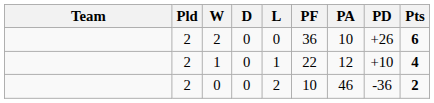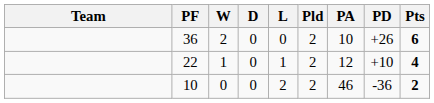 <table class="wikitable" style="text-align:center;">
 <tr>
 <th width=175>Team</th>
-<th width=25 abbr="Played">Pld</th>
+<th width=32 abbr="Points for">PF</th>
 <th width=25 abbr="Won">W</th>
 <th width=25 abbr="Drawn">D</th>
 <th width=25 abbr="Lost">L</th>
-<th width=32 abbr="Points for">PF</th>
+<th width=25 abbr="Played">Pld</th>
 <th width=32 abbr="Points against">PA</th>
 <th width=32 abbr="Points difference">PD</th>
 <th width=25 abbr="Points">Pts</th>
 </tr>
 <tr>
 <td align=left></td>
-<td>2</td>
+<td>36</td>
 <td>2</td>
 <td>0</td>
 <td>0</td>
-<td>36</td>
+<td>2</td>
 <td>10</td>
 <td>+26</td>
 <td><strong>6</strong></td>
 </tr>
 <tr>
 <td align=left></td>
-<td>2</td>
+<td>22</td>
 <td>1</td>
 <td>0</td>
 <td>1</td>
-<td>22</td>
+<td>2</td>
 <td>12</td>
 <td>+10</td>
 <td><strong>4</strong></td>
 </tr>
 <tr>
 <td align=left></td>
-<td>2</td>
+<td>10</td>
 <td>0</td>
 <td>0</td>
 <td>2</td>
-<td>10</td>
+<td>2</td>
 <td>46</td>
 <td>-36</td>
 <td><strong>2</strong></td>
 </tr>
 </table>
